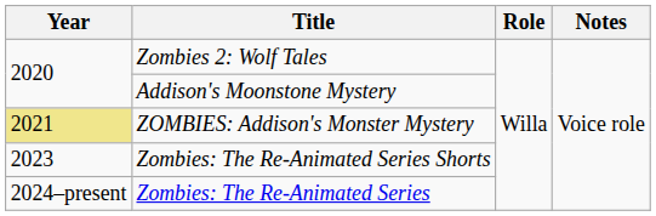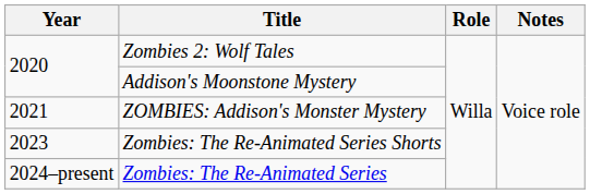 <table class="wikitable">
 <tr>
 <th>Year</th>
 <th>Title</th>
 <th>Role</th>
 <th>Notes</th>
 </tr>
 <tr>
 <td rowspan="2">2020</td>
 <td><em>Zombies 2: Wolf Tales</em></td>
 <td rowspan="5">Willa</td>
 <td rowspan="5">Voice role</td>
 </tr>
 <tr>
 <td><em>Addison's Moonstone Mystery</em></td>
 </tr>
 <tr>
-<td style="background: khaki;">2021</td>
+<td>2021</td>
 <td><em>ZOMBIES: Addison's Monster Mystery</em></td>
 </tr>
 <tr>
 <td>2023</td>
 <td><em>Zombies: The Re-Animated Series Shorts</em></td>
 </tr>
 <tr>
 <td>2024–present</td>
 <td><em><a href='#'>Zombies: The Re-Animated Series</a></em></td>
 </tr>
 </table>
